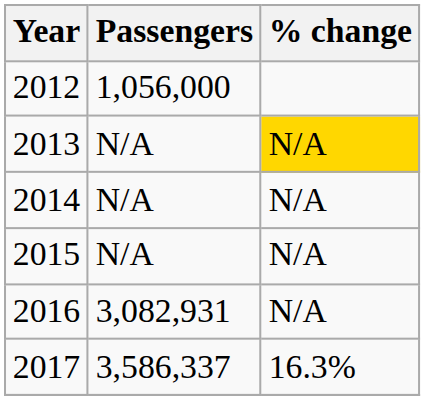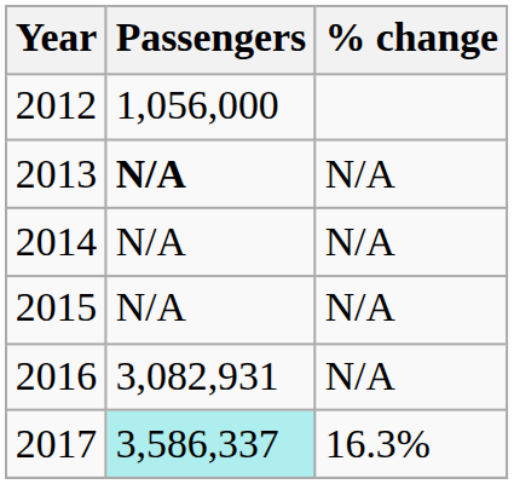 <table class="wikitable" style="font-size: 105%">
 <tr>
 <th>Year</th>
 <th>Passengers</th>
 <th>% change</th>
 </tr>
 <tr>
 <td>2012</td>
 <td>1,056,000</td>
 <td></td>
 </tr>
 <tr>
 <td>2013</td>
+<td><strong>N/A</strong></td>
 <td>N/A</td>
-<td style="background: gold;">N/A</td>
 </tr>
 <tr>
 <td>2014</td>
 <td>N/A</td>
 <td>N/A</td>
 </tr>
 <tr>
 <td>2015</td>
 <td>N/A</td>
 <td>N/A</td>
 </tr>
 <tr>
 <td>2016</td>
 <td>3,082,931</td>
 <td>N/A</td>
 </tr>
 <tr>
 <td>2017</td>
-<td>3,586,337</td>
+<td style="background: paleturquoise;">3,586,337</td>
 <td> 16.3%</td>
 </tr>
 <tr>
 </tr>
 </table>
